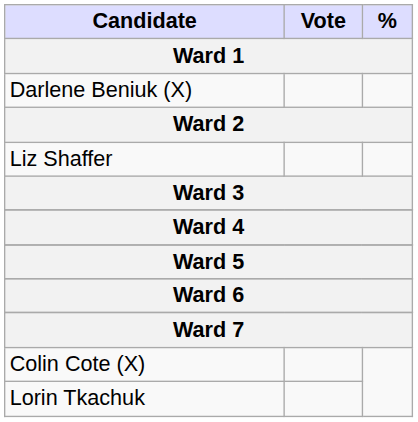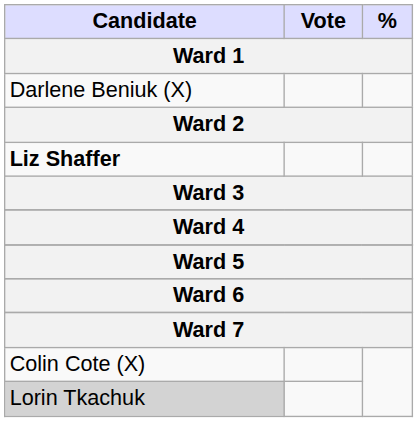 <table class="wikitable">
 <tr>
 <th style="background:#ddf; width:200px;">Candidate</th>
 <th style="background:#ddf; width:50px;">Vote</th>
 <th style="background:#ddf; width:30px;">%</th>
 </tr>
 <tr>
 <th colspan="3">Ward 1</th>
 </tr>
 <tr>
 <td>Darlene Beniuk (X)</td>
 <td></td>
 </tr>
 <tr>
 <th colspan="3">Ward 2</th>
 </tr>
 <tr>
-<td>Liz Shaffer</td>
+<td><strong>Liz Shaffer</strong></td>
 <td></td>
 </tr>
 <tr>
 <th colspan="3">Ward 3</th>
 </tr>
 <tr>
 </tr>
 <tr>
 <th colspan="3">Ward 4</th>
 </tr>
 <tr>
 </tr>
 <tr>
 <th colspan="3">Ward 5</th>
 </tr>
 <tr>
 </tr>
 <tr>
 <th colspan="3">Ward 6</th>
 </tr>
 <tr>
 </tr>
 <tr>
 <th colspan="3">Ward 7</th>
 </tr>
 <tr>
 <td>Colin Cote (X)</td>
 <td></td>
 </tr>
 <tr>
-<td>Lorin Tkachuk</td>
+<td style="background: lightgrey;">Lorin Tkachuk</td>
 <td></td>
 </tr>
 </table>
